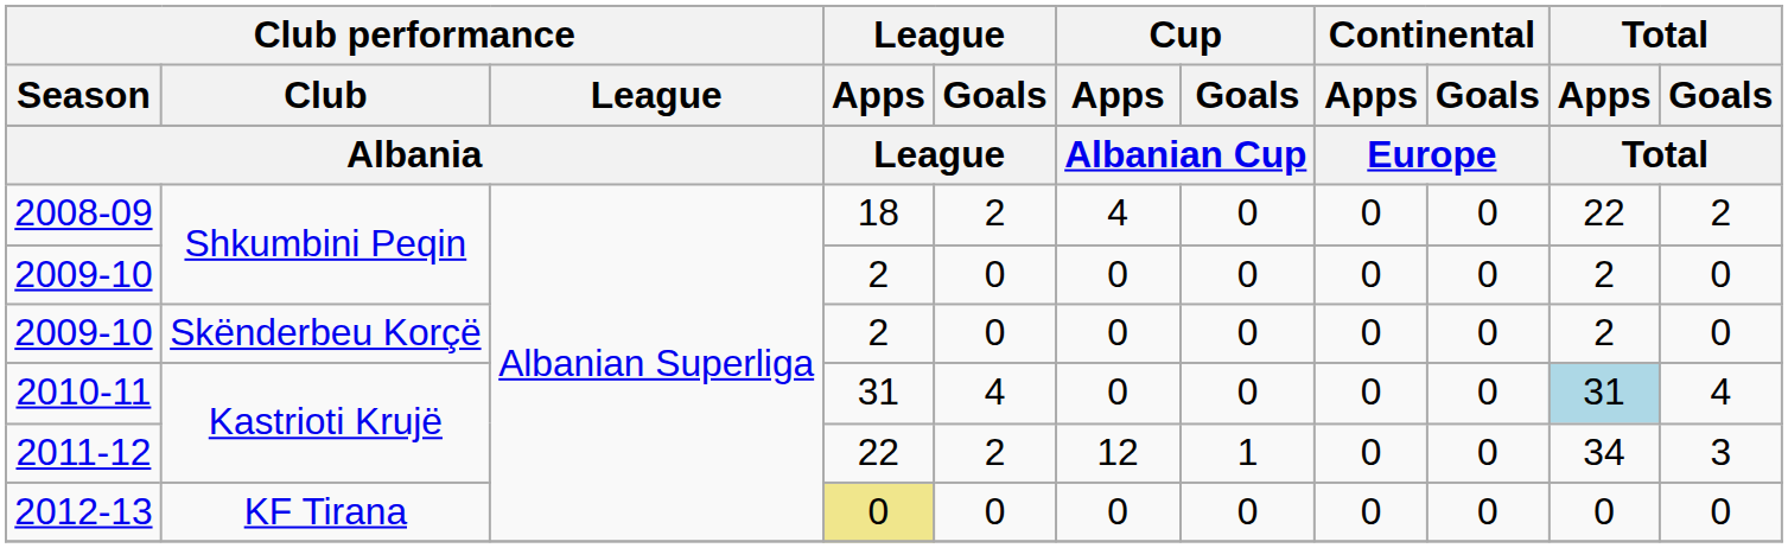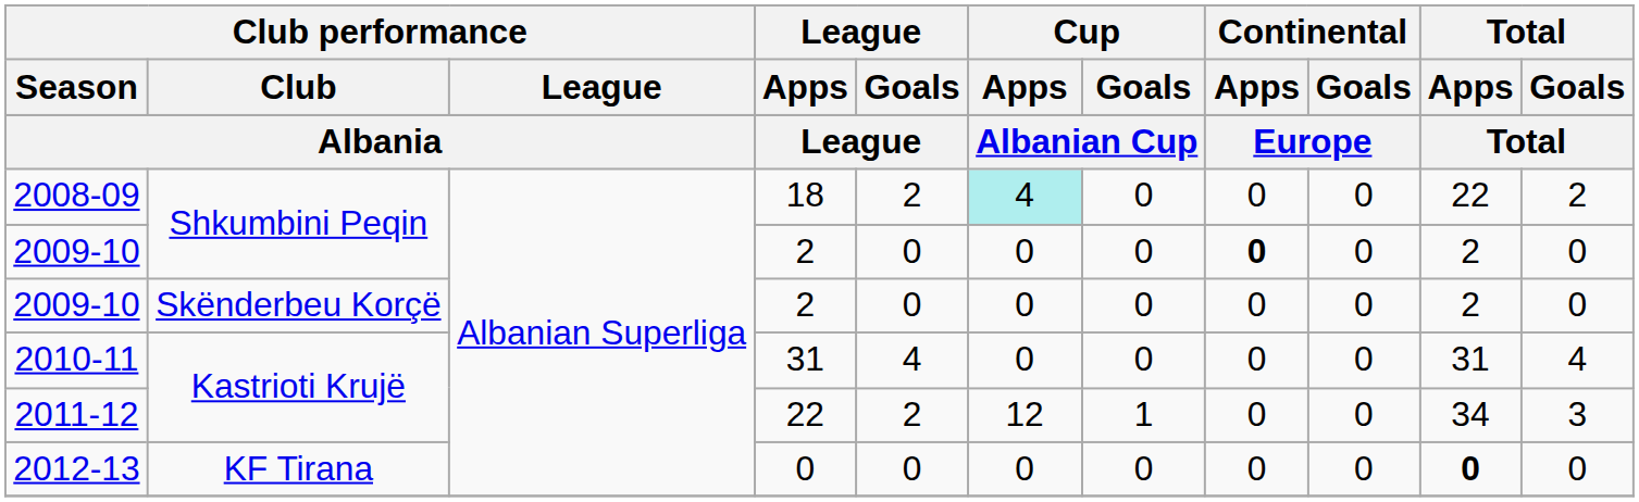 <table class="wikitable" style="text-align:center">
 <tr>
 <th colspan=3>Club performance</th>
 <th colspan=2>League</th>
 <th colspan=2>Cup</th>
 <th colspan=2>Continental</th>
 <th colspan=2>Total</th>
 </tr>
 <tr>
 <th>Season</th>
 <th>Club</th>
 <th>League</th>
 <th>Apps</th>
 <th>Goals</th>
 <th>Apps</th>
 <th>Goals</th>
 <th>Apps</th>
 <th>Goals</th>
 <th>Apps</th>
 <th>Goals</th>
 </tr>
 <tr>
 </tr>
 <tr>
 <th colspan=3>Albania</th>
 <th colspan=2>League</th>
 <th colspan=2><a href='#'>Albanian Cup</a></th>
 <th colspan=2><a href='#'>Europe</a></th>
 <th colspan=2>Total</th>
 </tr>
 <tr>
 <td><a href='#'>2008-09</a></td>
 <td rowspan="2"><a href='#'>Shkumbini Peqin</a></td>
 <td rowspan="6"><a href='#'>Albanian Superliga</a></td>
 <td>18</td>
 <td>2</td>
-<td>4</td>
+<td style="background: paleturquoise;">4</td>
 <td>0</td>
 <td>0</td>
 <td>0</td>
 <td>22</td>
 <td>2</td>
 </tr>
 <tr>
 <td><a href='#'>2009-10</a></td>
 <td>2</td>
 <td>0</td>
 <td>0</td>
 <td>0</td>
-<td>0</td>
+<td><strong>0</strong></td>
 <td>0</td>
 <td>2</td>
 <td>0</td>
 </tr>
 <tr>
 <td><a href='#'>2009-10</a></td>
 <td rowspan="1"><a href='#'>Skënderbeu Korçë</a></td>
 <td>2</td>
 <td>0</td>
 <td>0</td>
 <td>0</td>
 <td>0</td>
 <td>0</td>
 <td>2</td>
 <td>0</td>
 </tr>
 <tr>
 <td><a href='#'>2010-11</a></td>
 <td rowspan="2"><a href='#'>Kastrioti Krujë</a></td>
 <td>31</td>
 <td>4</td>
 <td>0</td>
 <td>0</td>
 <td>0</td>
 <td>0</td>
-<td style="background: lightblue;">31</td>
+<td>31</td>
 <td>4</td>
 </tr>
 <tr>
 <td><a href='#'>2011-12</a></td>
 <td>22</td>
 <td>2</td>
 <td>12</td>
 <td>1</td>
 <td>0</td>
 <td>0</td>
 <td>34</td>
 <td>3</td>
 </tr>
 <tr>
 <td><a href='#'>2012-13</a></td>
 <td rowspan="1"><a href='#'>KF Tirana</a></td>
-<td style="background: khaki;">0</td>
 <td>0</td>
 <td>0</td>
 <td>0</td>
 <td>0</td>
 <td>0</td>
 <td>0</td>
+<td><strong>0</strong></td>
 <td>0</td>
 </tr>
 <tr>
 </tr>
 </table>
